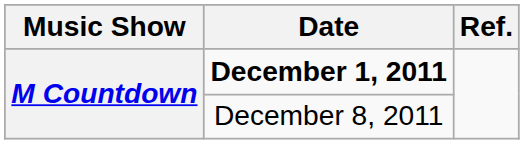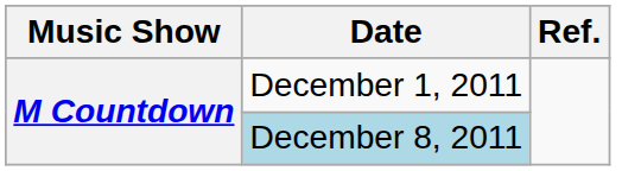 <table class="wikitable plainrowheaders" style="text-align:center">
 <tr>
 <th>Music Show</th>
 <th>Date</th>
 <th>Ref.</th>
 </tr>
 <tr>
 <th rowspan="2" scope="row"><em><a href='#'>M Countdown</a></em></th>
-<td><strong>December 1, 2011</strong></td>
+<td>December 1, 2011</td>
 <td rowspan="2"></td>
 </tr>
 <tr>
-<td>December 8, 2011</td>
+<td style="background: lightblue;">December 8, 2011</td>
 </tr>
 </table>
